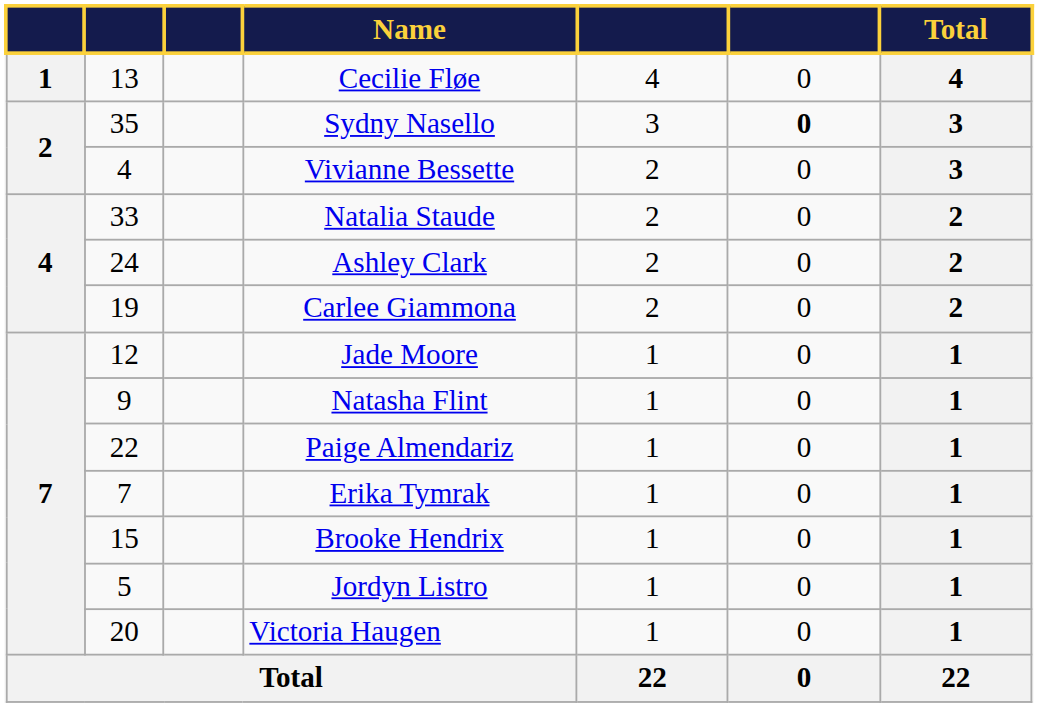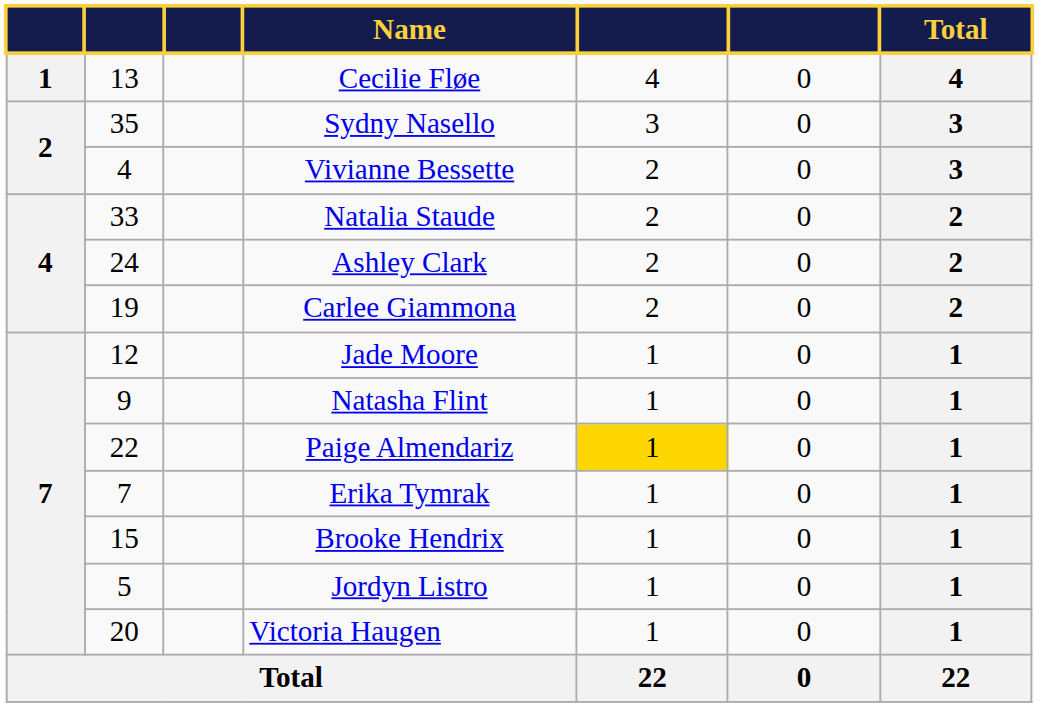 <table class="wikitable sortable" style="text-align:center;">
 <tr>
 <th style="background:#141B4D; color:#FBD13B; border:2px solid #FBD13B; width:35px;" scope="col"></th>
 <th style="background:#141B4D; color:#FBD13B; border:2px solid #FBD13B; width:35px;" scope="col"></th>
 <th style="background:#141B4D; color:#FBD13B; border:2px solid #FBD13B; width:35px;" scope="col"></th>
 <th style="background:#141B4D; color:#FBD13B; border:2px solid #FBD13B; width:175px;" scope="col">Name</th>
 <th style="background:#141B4D; color:#FBD13B; border:2px solid #FBD13B; width:75px;" scope="col"></th>
 <th style="background:#141B4D; color:#FBD13B; border:2px solid #FBD13B; width:75px;" scope="col"></th>
 <th style="background:#141B4D; color:#FBD13B; border:2px solid #FBD13B; width:75px;" scope="col">Total</th>
 </tr>
 <tr>
 <th>1</th>
 <td>13</td>
 <td></td>
 <td><a href='#'>Cecilie Fløe</a></td>
 <td>4</td>
 <td>0</td>
 <th>4</th>
 </tr>
 <tr>
 <th rowspan="2">2</th>
 <td>35</td>
 <td></td>
 <td><a href='#'>Sydny Nasello</a></td>
 <td>3</td>
-<td><strong>0</strong></td>
+<td>0</td>
 <th>3</th>
 </tr>
 <tr>
 <td>4</td>
 <td></td>
 <td><a href='#'>Vivianne Bessette</a></td>
 <td>2</td>
 <td>0</td>
 <th>3</th>
 </tr>
 <tr>
 <th rowspan="3">4</th>
 <td>33</td>
 <td></td>
 <td><a href='#'>Natalia Staude</a></td>
 <td>2</td>
 <td>0</td>
 <th>2</th>
 </tr>
 <tr>
 <td>24</td>
 <td></td>
 <td><a href='#'>Ashley Clark</a></td>
 <td>2</td>
 <td>0</td>
 <th>2</th>
 </tr>
 <tr>
 <td>19</td>
 <td></td>
 <td><a href='#'>Carlee Giammona</a></td>
 <td>2</td>
 <td>0</td>
 <th>2</th>
 </tr>
 <tr>
 <th rowspan="7">7</th>
 <td>12</td>
 <td></td>
 <td><a href='#'>Jade Moore</a></td>
 <td>1</td>
 <td>0</td>
 <th>1</th>
 </tr>
 <tr>
 <td>9</td>
 <td></td>
 <td><a href='#'>Natasha Flint</a></td>
 <td>1</td>
 <td>0</td>
 <th>1</th>
 </tr>
 <tr>
 <td>22</td>
 <td></td>
 <td><a href='#'>Paige Almendariz</a></td>
-<td>1</td>
+<td style="background: gold;">1</td>
 <td>0</td>
 <th>1</th>
 </tr>
 <tr>
 <td>7</td>
 <td></td>
 <td><a href='#'>Erika Tymrak</a></td>
 <td>1</td>
 <td>0</td>
 <th>1</th>
 </tr>
 <tr>
 <td>15</td>
 <td></td>
 <td><a href='#'>Brooke Hendrix</a></td>
 <td>1</td>
 <td>0</td>
 <th>1</th>
 </tr>
 <tr>
 <td>5</td>
 <td></td>
 <td><a href='#'>Jordyn Listro</a></td>
 <td>1</td>
 <td>0</td>
 <th>1</th>
 </tr>
 <tr>
 <td>20</td>
 <td></td>
 <td align="left"><a href='#'>Victoria Haugen</a></td>
 <td>1</td>
 <td>0</td>
 <th>1</th>
 </tr>
 <tr>
 <th colspan="4" scope="row">Total</th>
 <th>22</th>
 <th>0</th>
 <th>22</th>
 </tr>
 </table>
